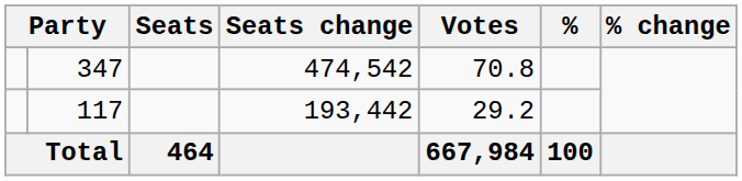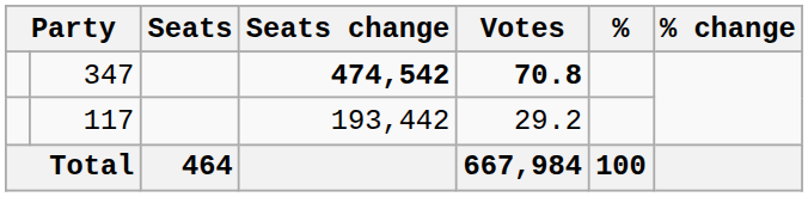 <table class="wikitable sortable">
 <tr>
 <th colspan=2>Party</th>
 <th>Seats</th>
 <th>Seats change</th>
 <th>Votes</th>
 <th>%</th>
 <th>% change</th>
 </tr>
 <tr>
 <td></td>
 <td align=right>347</td>
 <td align=right></td>
-<td align=right>474,542</td>
-<td align=right>70.8</td>
+<td align=right><strong>474,542</strong></td>
+<td align=right><strong>70.8</strong></td>
 <td align=right></td>
 </tr>
 <tr>
 <td></td>
 <td align=right>117</td>
 <td align=right></td>
 <td align=right>193,442</td>
 <td align=right>29.2</td>
 <td align=right></td>
 </tr>
 <tr class="sortbottom" style="font-weight: bold; text-align: right; background: #f2f2f2;">
 <th colspan="2" style="padding-left: 1.5em; text-align: left;">Total</th>
 <td align=right>464</td>
 <td align=right></td>
 <td align=right>667,984</td>
 <td align=right>100</td>
 <td align=right></td>
 </tr>
 </table>
